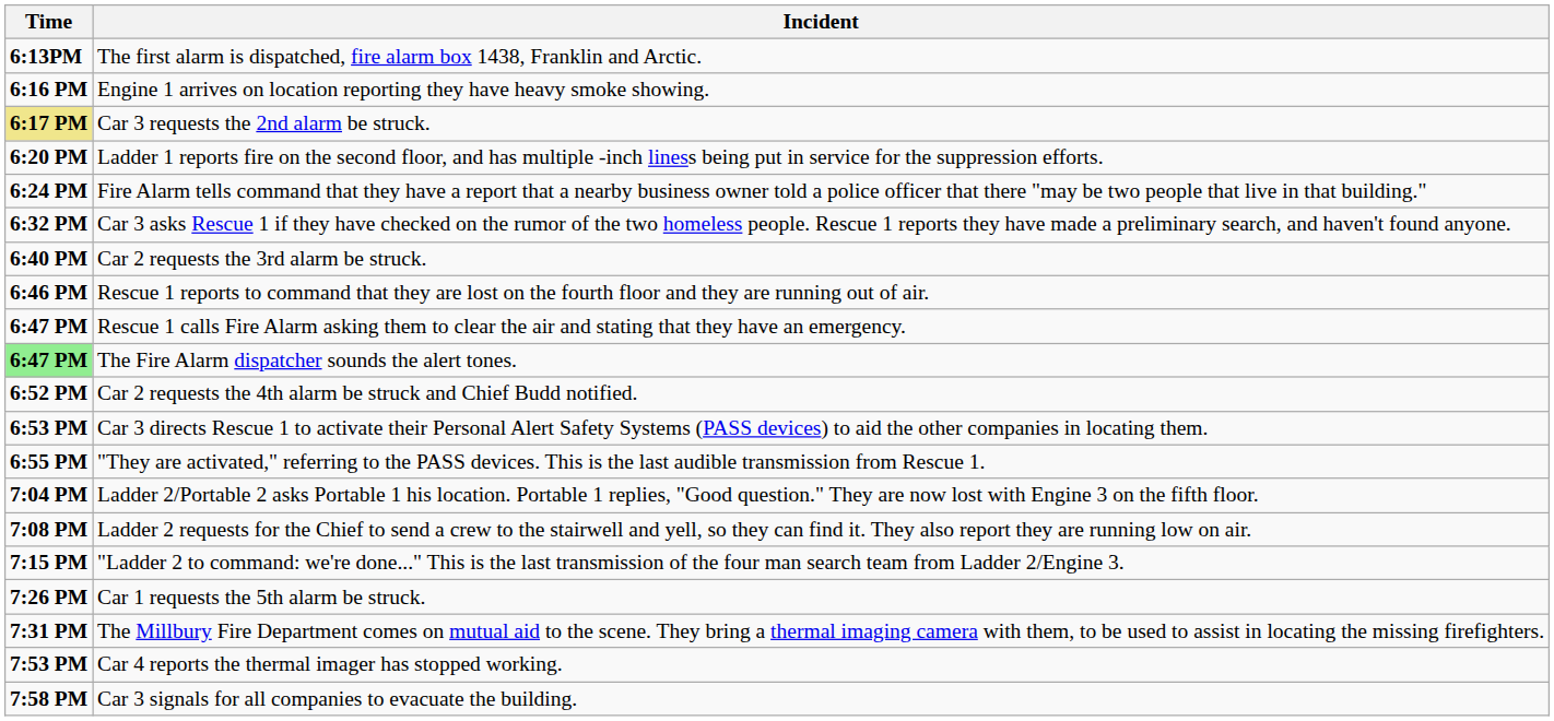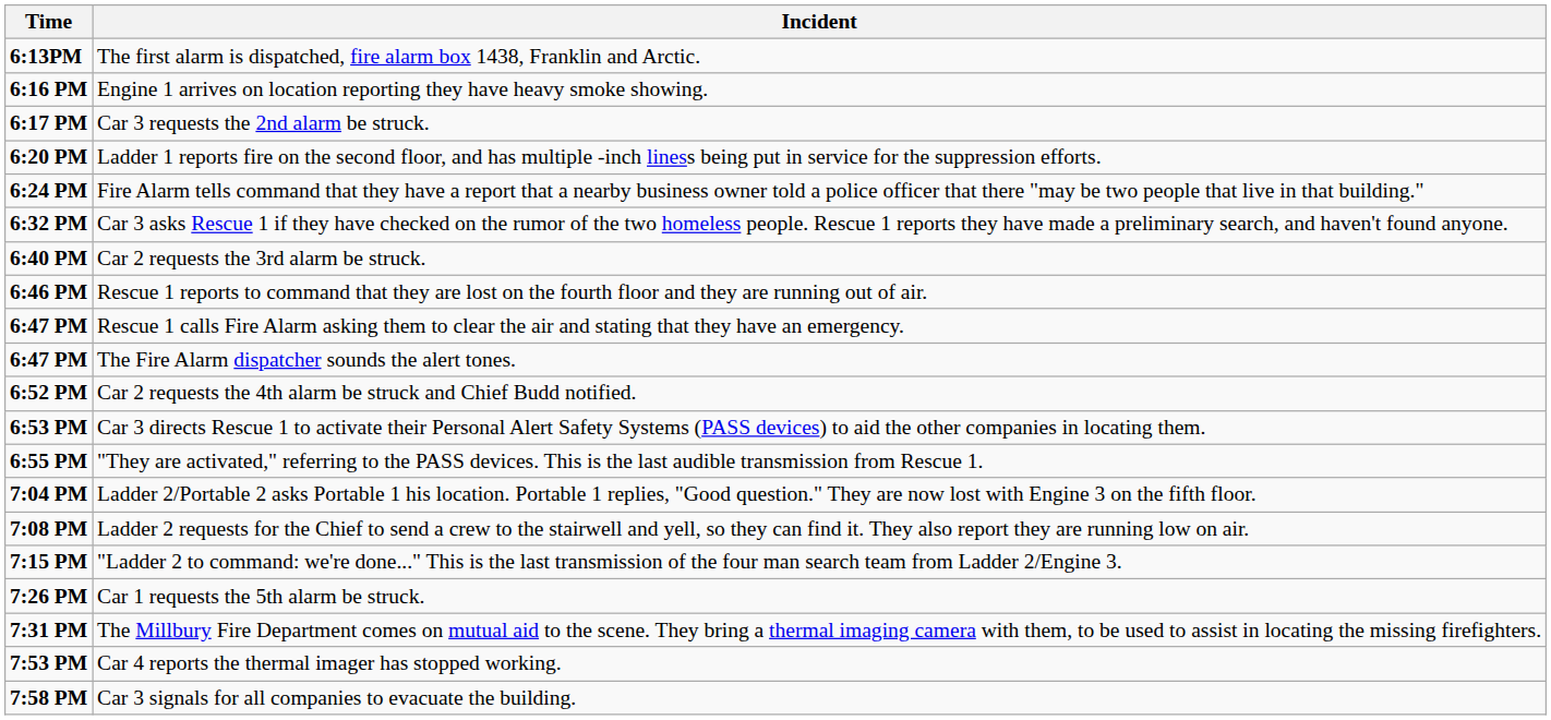 <table class="wikitable">
 <tr>
 <th>Time</th>
 <th>Incident</th>
 </tr>
 <tr>
 <td><strong>6:13PM</strong></td>
 <td>The first alarm is dispatched, <a href='#'>fire alarm box</a> 1438, Franklin and Arctic.</td>
 </tr>
 <tr>
 <td><strong>6:16 PM</strong></td>
 <td>Engine 1 arrives on location reporting they have heavy smoke showing.</td>
 </tr>
 <tr>
-<td style="background: khaki;"><strong>6:17 PM</strong></td>
+<td><strong>6:17 PM</strong></td>
 <td>Car 3 requests the <a href='#'>2nd alarm</a> be struck.</td>
 </tr>
 <tr>
 <td><strong>6:20 PM</strong></td>
 <td>Ladder 1 reports fire on the second floor, and has multiple -inch <a href='#'>lines</a>s being put in service for the suppression efforts.</td>
 </tr>
 <tr>
 <td><strong>6:24 PM</strong></td>
 <td>Fire Alarm tells command that they have a report that a nearby business owner told a police officer that there "may be two people that live in that building."</td>
 </tr>
 <tr>
 <td><strong>6:32 PM</strong></td>
 <td>Car 3 asks <a href='#'>Rescue</a> 1 if they have checked on the rumor of the two <a href='#'>homeless</a> people. Rescue 1 reports they have made a preliminary search, and haven't found anyone.</td>
 </tr>
 <tr>
 <td><strong>6:40 PM</strong></td>
 <td>Car 2 requests the 3rd alarm be struck.</td>
 </tr>
 <tr>
 <td><strong>6:46 PM</strong></td>
 <td>Rescue 1 reports to command that they are lost on the fourth floor and they are running out of air.</td>
 </tr>
 <tr>
 <td><strong>6:47 PM</strong></td>
 <td>Rescue 1 calls Fire Alarm asking them to clear the air and stating that they have an emergency.</td>
 </tr>
 <tr>
-<td style="background: lightgreen;"><strong>6:47 PM</strong></td>
+<td><strong>6:47 PM</strong></td>
 <td>The Fire Alarm <a href='#'>dispatcher</a> sounds the alert tones.</td>
 </tr>
 <tr>
 <td><strong>6:52 PM</strong></td>
 <td>Car 2 requests the 4th alarm be struck and Chief Budd notified.</td>
 </tr>
 <tr>
 <td><strong>6:53 PM</strong></td>
 <td>Car 3 directs Rescue 1 to activate their Personal Alert Safety Systems (<a href='#'>PASS devices</a>) to aid the other companies in locating them.</td>
 </tr>
 <tr>
 <td><strong>6:55 PM</strong></td>
 <td>"They are activated," referring to the PASS devices. This is the last audible transmission from Rescue 1.</td>
 </tr>
 <tr>
 <td><strong>7:04 PM</strong></td>
 <td>Ladder 2/Portable 2 asks Portable 1 his location. Portable 1 replies, "Good question." They are now lost with Engine 3 on the fifth floor.</td>
 </tr>
 <tr>
 <td><strong>7:08 PM</strong></td>
 <td>Ladder 2 requests for the Chief to send a crew to the stairwell and yell, so they can find it. They also report they are running low on air.</td>
 </tr>
 <tr>
 <td><strong>7:15 PM</strong></td>
 <td>"Ladder 2 to command: we're done..." This is the last transmission of the four man search team from Ladder 2/Engine 3.</td>
 </tr>
 <tr>
 <td><strong>7:26 PM</strong></td>
 <td>Car 1 requests the 5th alarm be struck.</td>
 </tr>
 <tr>
 <td><strong>7:31 PM</strong></td>
 <td>The <a href='#'>Millbury</a> Fire Department comes on <a href='#'>mutual aid</a> to the scene. They bring a <a href='#'>thermal imaging camera</a> with them, to be used to assist in locating the missing firefighters.</td>
 </tr>
 <tr>
 <td><strong>7:53 PM</strong></td>
 <td>Car 4 reports the thermal imager has stopped working.</td>
 </tr>
 <tr>
 <td><strong>7:58 PM</strong></td>
 <td>Car 3 signals for all companies to evacuate the building.</td>
 </tr>
 </table>
